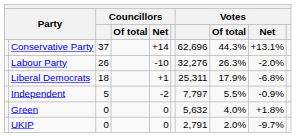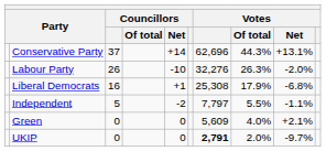 <table class="wikitable sortable" style="text-align:center;">
 <tr>
 <th colspan="10"></th>
 </tr>
 <tr>
 <th colspan="2" rowspan="2">Party</th>
 <th colspan="4">Councillors</th>
 <th colspan="4">Votes</th>
 </tr>
 <tr>
 <th></th>
 <th>Of total</th>
 <th>Net</th>
 <th class="unsortable"></th>
 <th></th>
 <th>Of total</th>
 <th>Net</th>
 <th class="unsortable"></th>
 </tr>
 <tr>
 <td style="background:"></td>
 <td style="text-align:left;"><a href='#'>Conservative Party</a></td>
 <td style="text-align:right;">37</td>
 <td style="text-align:right;"></td>
 <td style="text-align:right;">+14</td>
 <td data-sort-value=""></td>
 <td style="text-align:right;">62,696</td>
 <td style="text-align:right;">44.3%</td>
 <td style="text-align:right;">+13.1%</td>
 <td></td>
 </tr>
 <tr>
 <td style="background:"></td>
 <td style="text-align:left;"><a href='#'>Labour Party</a></td>
 <td style="text-align:right;">26</td>
 <td style="text-align:right;"></td>
 <td style="text-align:right;">-10</td>
 <td data-sort-value=""></td>
 <td style="text-align:right;">32,276</td>
 <td style="text-align:right;">26.3%</td>
 <td style="text-align:right;">-2.0%</td>
 <td></td>
 </tr>
 <tr>
 <td style="background:"></td>
 <td style="text-align:left;"><a href='#'>Liberal Democrats</a></td>
-<td style="text-align:right;">18</td>
+<td style="text-align:right;">16</td>
 <td style="text-align:right;"></td>
 <td style="text-align:right;">+1</td>
 <td data-sort-value=""></td>
-<td style="text-align:right;">25,311</td>
+<td style="text-align:right;">25,308</td>
 <td style="text-align:right;">17.9%</td>
 <td style="text-align:right;">-6.8%</td>
 <td></td>
 </tr>
 <tr>
 <td style="background:"></td>
 <td style="text-align:left;"><a href='#'>Independent</a></td>
 <td style="text-align:right;">5</td>
 <td style="text-align:right;"></td>
 <td style="text-align:right;">-2</td>
 <td data-sort-value=""></td>
 <td style="text-align:right;">7,797</td>
 <td style="text-align:right;">5.5%</td>
-<td style="text-align:right;">-0.9%</td>
+<td style="text-align:right;">-1.1%</td>
 <td></td>
 </tr>
 <tr>
 <td style="background:"></td>
 <td style="text-align:left;"><a href='#'>Green</a></td>
 <td style="text-align:right;">0</td>
 <td style="text-align:right;"></td>
 <td style="text-align:right;">0</td>
 <td data-sort-value=""></td>
-<td style="text-align:right;">5,632</td>
+<td style="text-align:right;">5,609</td>
 <td style="text-align:right;">4.0%</td>
-<td style="text-align:right;">+1.8%</td>
+<td style="text-align:right;">+2.1%</td>
 <td></td>
 </tr>
 <tr>
 <td style="background:"></td>
 <td style="text-align:left;"><a href='#'>UKIP</a></td>
 <td style="text-align:right;">0</td>
 <td style="text-align:right;"></td>
 <td style="text-align:right;">0</td>
 <td data-sort-value=""></td>
-<td style="text-align:right;">2,791</td>
+<td style="text-align:right;"><strong>2,791</strong></td>
 <td style="text-align:right;">2.0%</td>
 <td style="text-align:right;">-9.7%</td>
 <td></td>
 </tr>
 </table>
